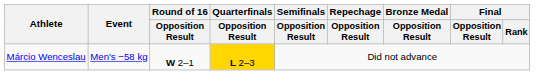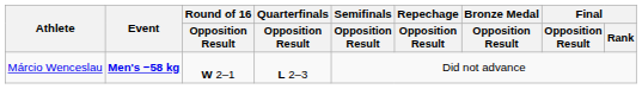 <table class="wikitable" style="font-size:90%">
 <tr>
 <th rowspan="2">Athlete</th>
 <th rowspan="2">Event</th>
 <th>Round of 16</th>
 <th>Quarterfinals</th>
 <th>Semifinals</th>
 <th>Repechage</th>
 <th>Bronze Medal</th>
 <th colspan=2>Final</th>
 </tr>
 <tr style="font-size:95%">
 <th>Opposition<br>Result</th>
 <th>Opposition<br>Result</th>
 <th>Opposition<br>Result</th>
 <th>Opposition<br>Result</th>
 <th>Opposition<br>Result</th>
 <th>Opposition<br>Result</th>
 <th>Rank</th>
 </tr>
 <tr align=center>
 <td align=left><a href='#'>Márcio Wenceslau</a></td>
-<td align=left><a href='#'>Men's −58 kg</a></td>
+<td align=left><strong><a href='#'>Men's −58 kg</a></strong></td>
 <td><br><strong>W</strong> 2–1</td>
-<td style="background: gold;"><br><strong>L</strong> 2–3</td>
+<td><br><strong>L</strong> 2–3</td>
 <td colspan=5>Did not advance</td>
 </tr>
 </table>
